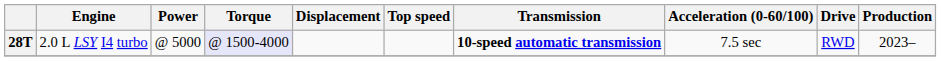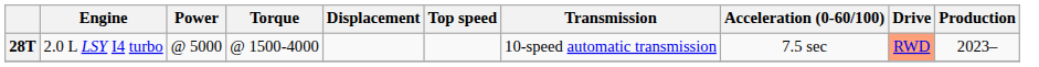 <table class="wikitable collapsible" style="font-size:75%;text-align:center;">
 <tr>
 <th></th>
 <th>Engine</th>
 <th>Power</th>
 <th>Torque</th>
 <th>Displacement</th>
 <th>Top speed</th>
 <th>Transmission</th>
 <th>Acceleration (0-60/100)</th>
 <th>Drive</th>
 <th>Production</th>
 </tr>
 <tr>
 <th>28T</th>
 <td>2.0 L <em><a href='#'>LSY</a></em> <a href='#'>I4</a> <a href='#'>turbo</a></td>
 <td> @ 5000</td>
-<td style="background: lavender;"> @ 1500-4000</td>
+<td> @ 1500-4000</td>
 <td></td>
 <td></td>
-<td><strong>10-speed <a href='#'>automatic transmission</a></strong></td>
+<td>10-speed <a href='#'>automatic transmission</a></td>
 <td>7.5 sec</td>
-<td><a href='#'>RWD</a></td>
+<td style="background: lightsalmon;"><a href='#'>RWD</a></td>
 <td>2023–</td>
 </tr>
 <tr>
 </tr>
 </table>
